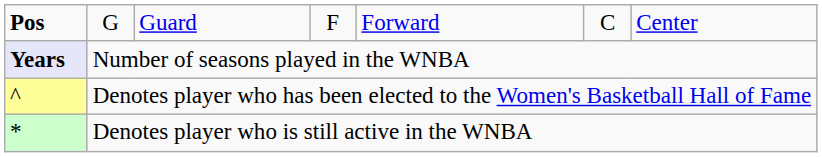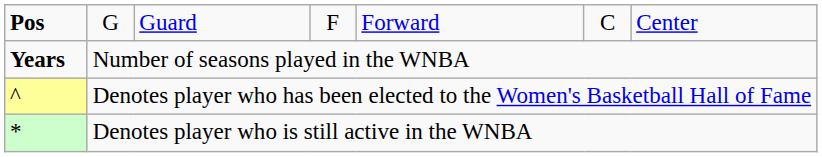 <table class="wikitable">
 <tr>
 <td width="50px"><strong>Pos</strong></td>
 <td width="25px" align="center">G</td>
 <td><a href='#'>Guard</a></td>
 <td width="25px" align="center">F</td>
 <td><a href='#'>Forward</a></td>
 <td width="25px" align="center">C</td>
 <td><a href='#'>Center</a></td>
 </tr>
 <tr>
-<td style="background: lavender;"><strong>Years</strong></td>
+<td><strong>Years</strong></td>
 <td colspan="6">Number of seasons played in the WNBA</td>
 </tr>
 <tr>
 <td style="background-color:#FFFF99">^</td>
 <td colspan="6">Denotes player who has been elected to the <a href='#'>Women's Basketball Hall of Fame</a></td>
 </tr>
 <tr>
 <td style="background-color:#CCFFCC">*</td>
 <td colspan="6">Denotes player who is still active in the WNBA</td>
 </tr>
 </table>
